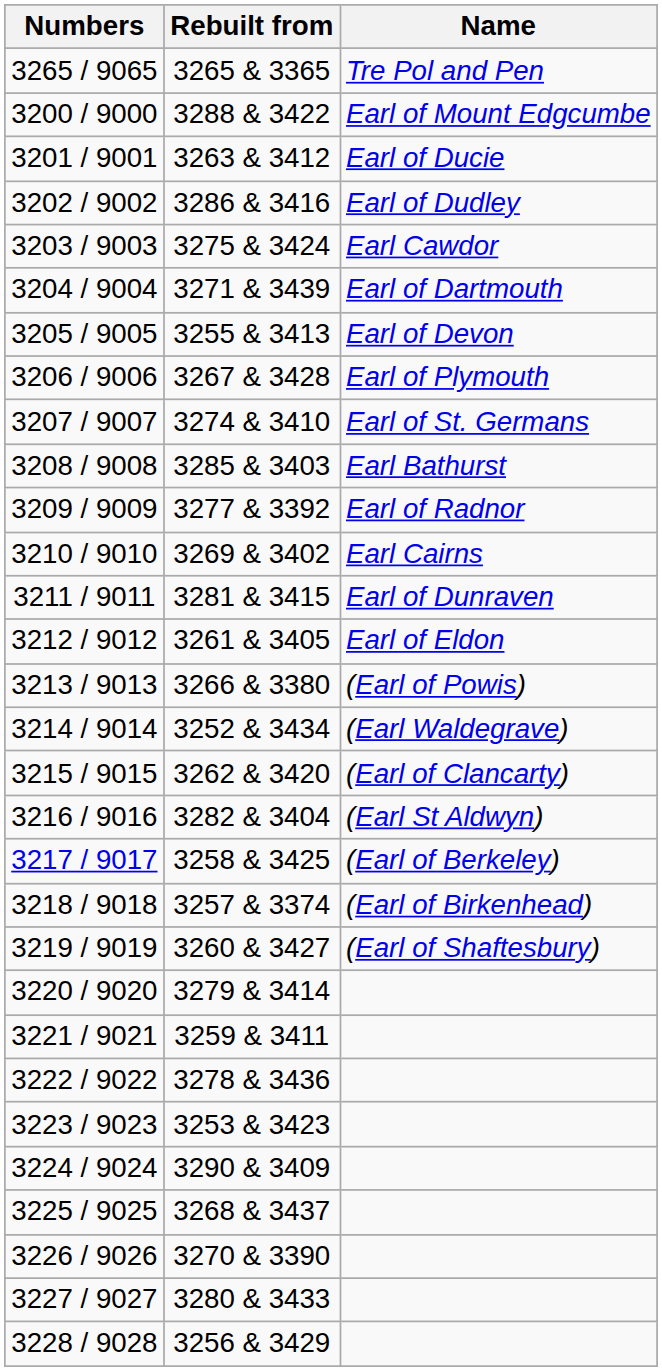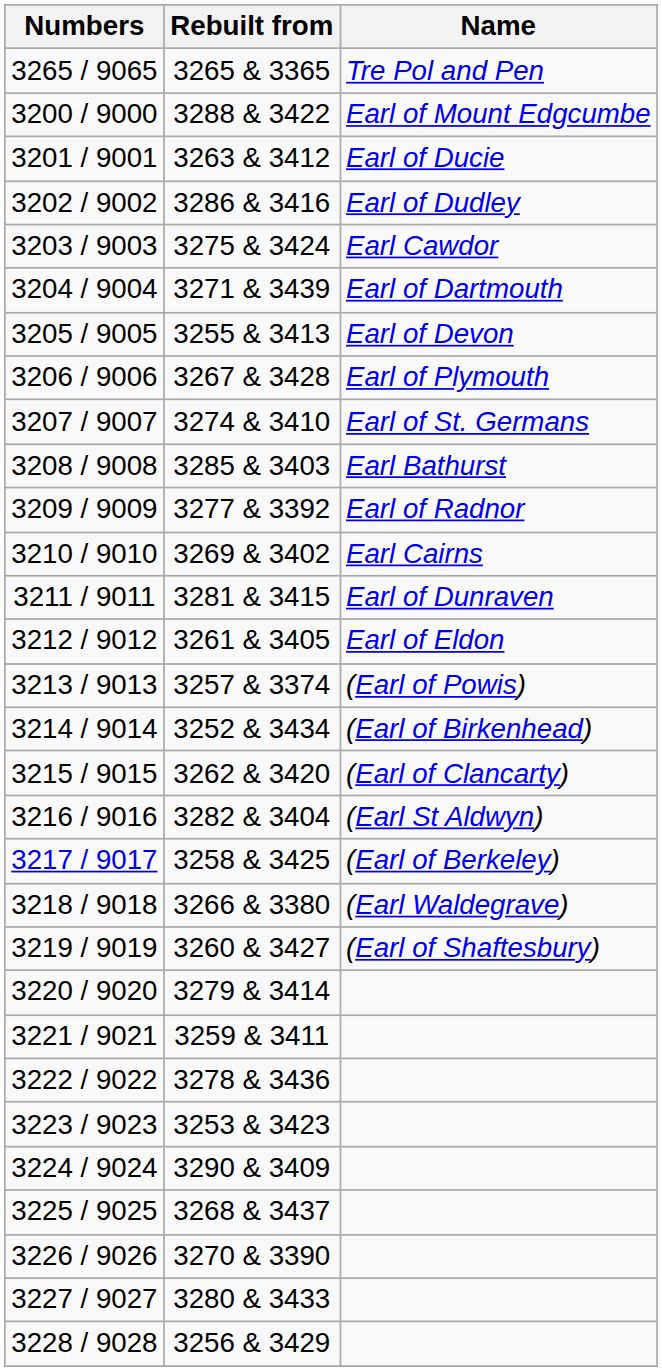 <table class="wikitable">
 <tr>
 <th>Numbers</th>
 <th>Rebuilt from</th>
 <th>Name</th>
 </tr>
 <tr>
 <td align=center>3265 / 9065</td>
 <td align=center>3265 & 3365</td>
 <td><em><a href='#'>Tre Pol and Pen</a></em></td>
 </tr>
 <tr>
 <td align=center>3200 / 9000</td>
 <td align=center>3288 & 3422</td>
 <td><em><a href='#'>Earl of Mount Edgcumbe</a></em></td>
 </tr>
 <tr>
 <td align=center>3201 / 9001</td>
 <td align=center>3263 & 3412</td>
 <td><em><a href='#'>Earl of Ducie</a></em></td>
 </tr>
 <tr>
 <td align=center>3202 / 9002</td>
 <td align=center>3286 & 3416</td>
 <td><em><a href='#'>Earl of Dudley</a></em></td>
 </tr>
 <tr>
 <td align=center>3203 / 9003</td>
 <td align=center>3275 & 3424</td>
 <td><em><a href='#'>Earl Cawdor</a></em></td>
 </tr>
 <tr>
 <td align=center>3204 / 9004</td>
 <td align=center>3271 & 3439</td>
 <td><em><a href='#'>Earl of Dartmouth</a></em></td>
 </tr>
 <tr>
 <td align=center>3205 / 9005</td>
 <td align=center>3255 & 3413</td>
 <td><em><a href='#'>Earl of Devon</a></em></td>
 </tr>
 <tr>
 <td align=center>3206 / 9006</td>
 <td align=center>3267 & 3428</td>
 <td><em><a href='#'>Earl of Plymouth</a></em></td>
 </tr>
 <tr>
 <td align=center>3207 / 9007</td>
 <td align=center>3274 & 3410</td>
 <td><em><a href='#'>Earl of St. Germans</a></em></td>
 </tr>
 <tr>
 <td align=center>3208 / 9008</td>
 <td align=center>3285 & 3403</td>
 <td><em><a href='#'>Earl Bathurst</a></em></td>
 </tr>
 <tr>
 <td align=center>3209 / 9009</td>
 <td align=center>3277 & 3392</td>
 <td><em><a href='#'>Earl of Radnor</a></em></td>
 </tr>
 <tr>
 <td align=center>3210 / 9010</td>
 <td align=center>3269 & 3402</td>
 <td><em><a href='#'>Earl Cairns</a></em></td>
 </tr>
 <tr>
 <td align=center>3211 / 9011</td>
 <td align=center>3281 & 3415</td>
 <td><em><a href='#'>Earl of Dunraven</a></em></td>
 </tr>
 <tr>
 <td align=center>3212 / 9012</td>
 <td align=center>3261 & 3405</td>
 <td><em><a href='#'>Earl of Eldon</a></em></td>
 </tr>
 <tr>
 <td align=center>3213 / 9013</td>
-<td align=center>3266 & 3380</td>
+<td align=center>3257 & 3374</td>
 <td><em>(<a href='#'>Earl of Powis</a>)</em></td>
 </tr>
 <tr>
 <td align=center>3214 / 9014</td>
 <td align=center>3252 & 3434</td>
-<td><em>(<a href='#'>Earl Waldegrave</a>)</em></td>
+<td><em>(<a href='#'>Earl of Birkenhead</a>)</em></td>
 </tr>
 <tr>
 <td align=center>3215 / 9015</td>
 <td align=center>3262 & 3420</td>
 <td><em>(<a href='#'>Earl of Clancarty</a>)</em></td>
 </tr>
 <tr>
 <td align=center>3216 / 9016</td>
 <td align=center>3282 & 3404</td>
 <td><em>(<a href='#'>Earl St Aldwyn</a>)</em></td>
 </tr>
 <tr>
 <td align=center><a href='#'>3217 / 9017</a></td>
 <td align=center>3258 & 3425</td>
 <td><em>(<a href='#'>Earl of Berkeley</a>)</em></td>
 </tr>
 <tr>
 <td align=center>3218 / 9018</td>
-<td align=center>3257 & 3374</td>
-<td><em>(<a href='#'>Earl of Birkenhead</a>)</em></td>
+<td align=center>3266 & 3380</td>
+<td><em>(<a href='#'>Earl Waldegrave</a>)</em></td>
 </tr>
 <tr>
 <td align=center>3219 / 9019</td>
 <td align=center>3260 & 3427</td>
 <td><em>(<a href='#'>Earl of Shaftesbury</a>)</em></td>
 </tr>
 <tr>
 <td align=center>3220 / 9020</td>
 <td align=center>3279 & 3414</td>
 <td></td>
 </tr>
 <tr>
 <td align=center>3221 / 9021</td>
 <td align=center>3259 & 3411</td>
 <td></td>
 </tr>
 <tr>
 <td align=center>3222 / 9022</td>
 <td align=center>3278 & 3436</td>
 <td></td>
 </tr>
 <tr>
 <td align=center>3223 / 9023</td>
 <td align=center>3253 & 3423</td>
 <td></td>
 </tr>
 <tr>
 <td align=center>3224 / 9024</td>
 <td align=center>3290 & 3409</td>
 <td></td>
 </tr>
 <tr>
 <td align=center>3225 / 9025</td>
 <td align=center>3268 & 3437</td>
 <td></td>
 </tr>
 <tr>
 <td align=center>3226 / 9026</td>
 <td align=center>3270 & 3390</td>
 <td></td>
 </tr>
 <tr>
 <td align=center>3227 / 9027</td>
 <td align=center>3280 & 3433</td>
 <td></td>
 </tr>
 <tr>
 <td align=center>3228 / 9028</td>
 <td align=center>3256 & 3429</td>
 <td></td>
 </tr>
 <tr>
 </tr>
 </table>
